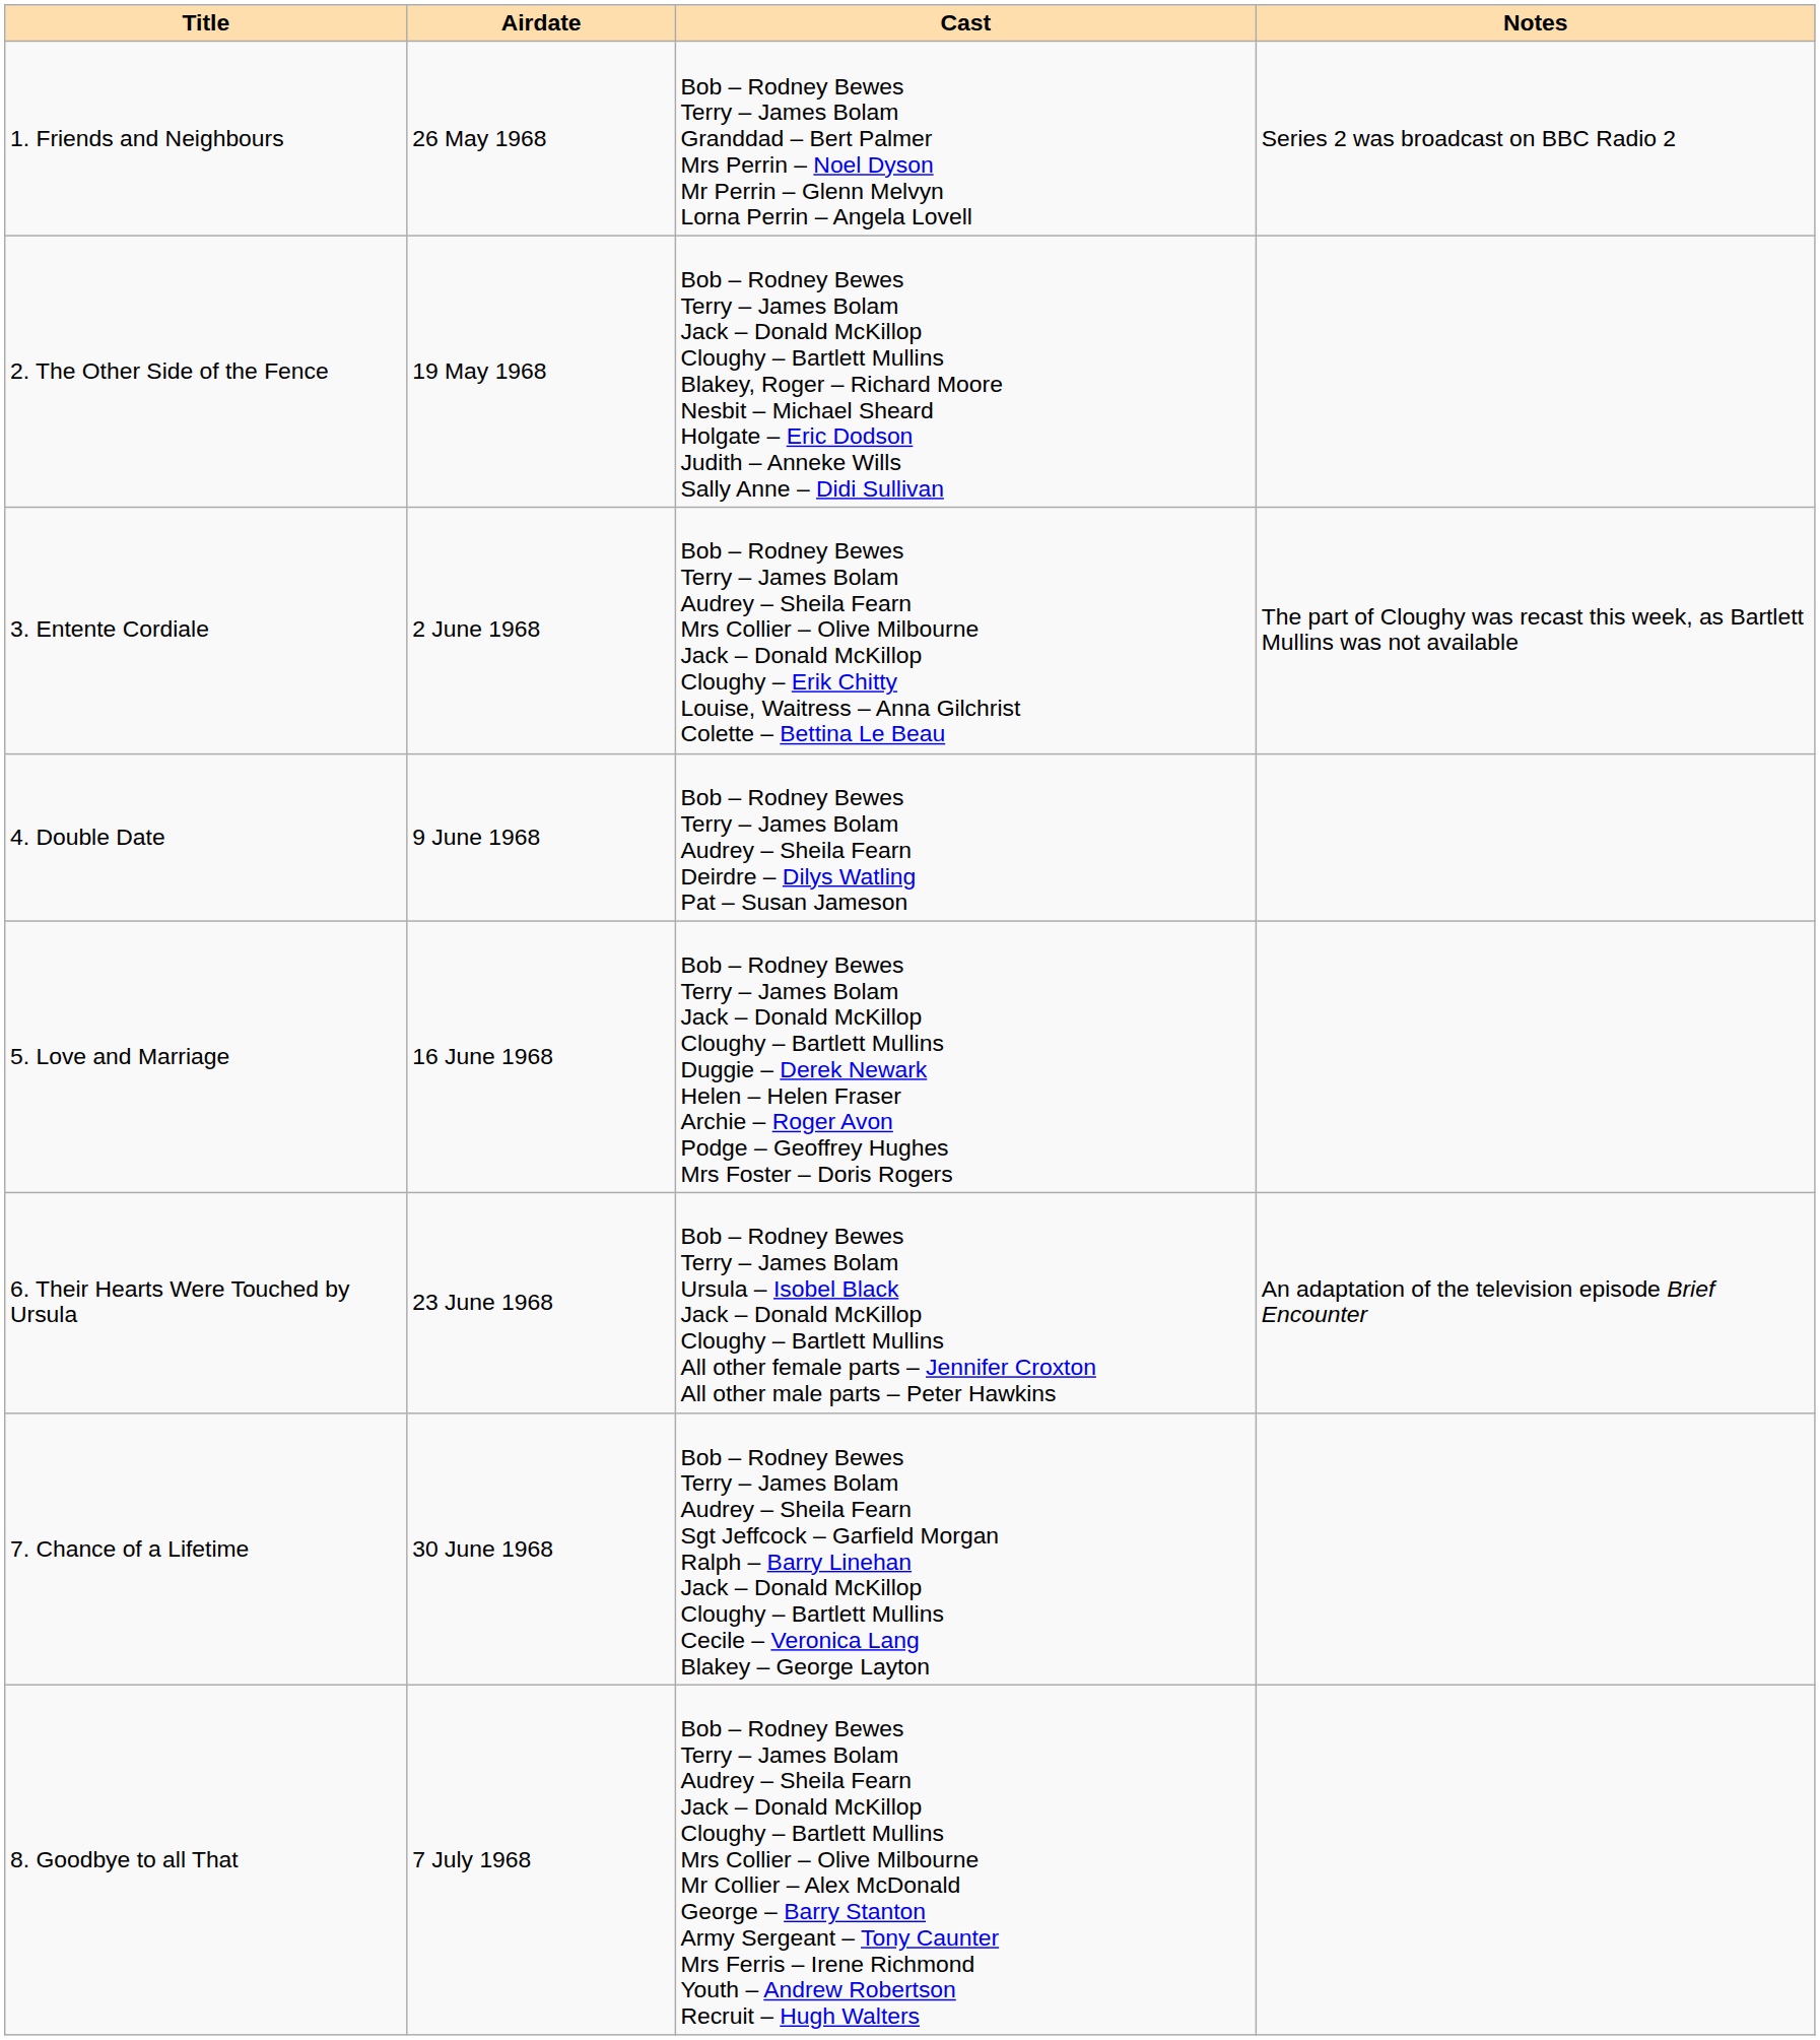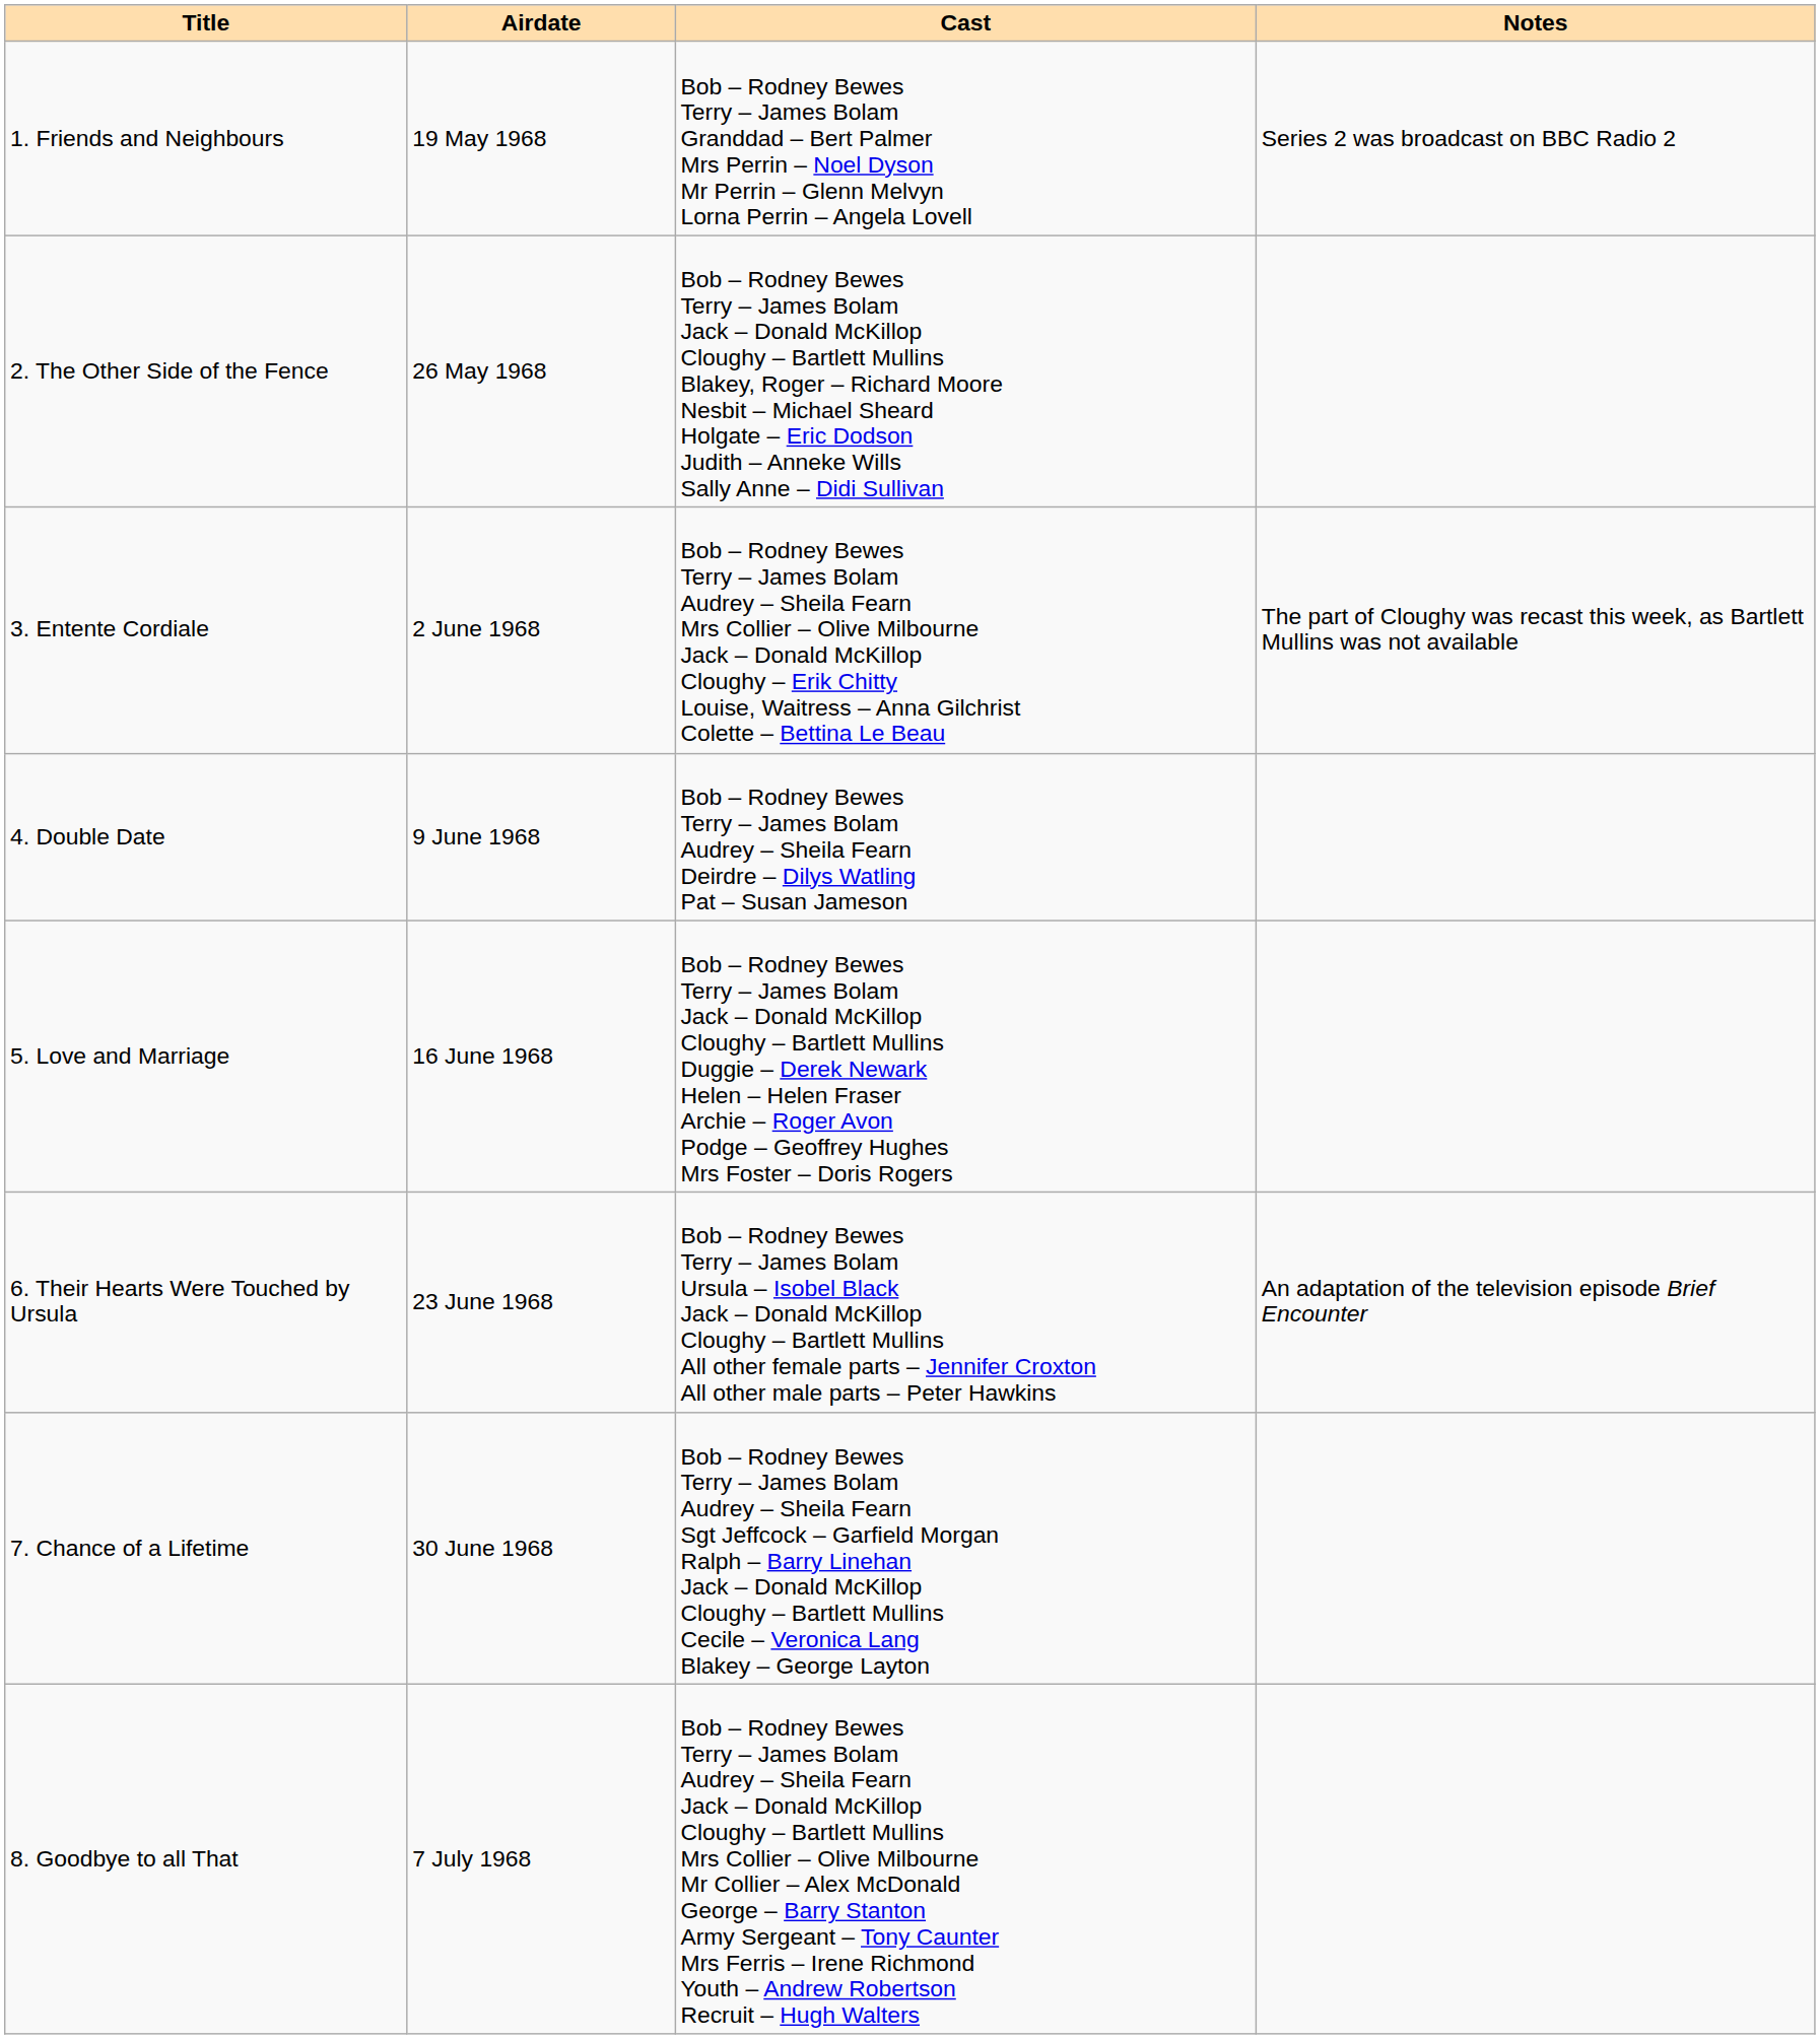 <table class="wikitable" border=1>
 <tr>
 <th style="background:#ffdead" width=18%>Title</th>
 <th style="background:#ffdead" width=12%>Airdate</th>
 <th style="background:#ffdead" width=26%>Cast</th>
 <th style="background:#ffdead" width=25%>Notes</th>
 </tr>
 <tr>
 <td>1. Friends and Neighbours</td>
-<td>26 May 1968</td>
+<td>19 May 1968</td>
 <td><br>Bob – Rodney Bewes<br> Terry – James Bolam<br> Granddad – Bert Palmer<br> Mrs Perrin – <a href='#'>Noel Dyson</a><br> Mr Perrin – Glenn Melvyn<br> Lorna Perrin – Angela Lovell</td>
 <td>Series 2 was broadcast on BBC Radio 2<br></td>
 </tr>
 <tr>
 <td>2. The Other Side of the Fence</td>
-<td>19 May 1968</td>
+<td>26 May 1968</td>
 <td><br>Bob – Rodney Bewes<br> Terry – James Bolam<br> Jack – Donald McKillop<br> Cloughy – Bartlett Mullins<br> Blakey, Roger – Richard Moore<br> Nesbit – Michael Sheard<br> Holgate – <a href='#'>Eric Dodson</a><br> Judith – Anneke Wills<br> Sally Anne – <a href='#'>Didi Sullivan</a></td>
 <td></td>
 </tr>
 <tr>
 <td>3. Entente Cordiale</td>
 <td>2 June 1968</td>
 <td><br>Bob – Rodney Bewes<br> Terry – James Bolam<br> Audrey – Sheila Fearn<br> Mrs Collier – Olive Milbourne<br> Jack – Donald McKillop<br> Cloughy – <a href='#'>Erik Chitty</a><br> Louise, Waitress – Anna Gilchrist<br> Colette – <a href='#'>Bettina Le Beau</a></td>
 <td>The part of Cloughy was recast this week, as Bartlett Mullins was not available</td>
 </tr>
 <tr>
 <td>4. Double Date</td>
 <td>9 June 1968</td>
 <td><br>Bob – Rodney Bewes<br> Terry – James Bolam<br> Audrey – Sheila Fearn<br> Deirdre – <a href='#'>Dilys Watling</a><br> Pat – Susan Jameson</td>
 <td></td>
 </tr>
 <tr>
 <td>5. Love and Marriage</td>
 <td>16 June 1968</td>
 <td><br>Bob – Rodney Bewes<br> Terry – James Bolam<br> Jack – Donald McKillop<br> Cloughy – Bartlett Mullins<br> Duggie – <a href='#'>Derek Newark</a><br> Helen – Helen Fraser<br> Archie – <a href='#'>Roger Avon</a><br> Podge – Geoffrey Hughes<br> Mrs Foster – Doris Rogers</td>
 <td></td>
 </tr>
 <tr>
 <td>6. Their Hearts Were Touched by Ursula</td>
 <td>23 June 1968</td>
 <td><br>Bob – Rodney Bewes<br> Terry – James Bolam<br> Ursula – <a href='#'>Isobel Black</a><br> Jack – Donald McKillop<br> Cloughy – Bartlett Mullins<br> All other female parts – <a href='#'>Jennifer Croxton</a><br> All other male parts – Peter Hawkins</td>
 <td>An adaptation of the television episode <em>Brief Encounter</em></td>
 </tr>
 <tr>
 <td>7. Chance of a Lifetime</td>
 <td>30 June 1968</td>
 <td><br>Bob – Rodney Bewes<br> Terry – James Bolam<br> Audrey – Sheila Fearn<br> Sgt Jeffcock – Garfield Morgan<br> Ralph – <a href='#'>Barry Linehan</a><br> Jack – Donald McKillop<br> Cloughy – Bartlett Mullins<br> Cecile – <a href='#'>Veronica Lang</a><br> Blakey – George Layton</td>
 <td></td>
 </tr>
 <tr>
 <td>8. Goodbye to all That</td>
 <td>7 July 1968</td>
 <td><br>Bob – Rodney Bewes<br> Terry – James Bolam<br> Audrey – Sheila Fearn<br> Jack – Donald McKillop<br> Cloughy – Bartlett Mullins<br> Mrs Collier – Olive Milbourne<br> Mr Collier – Alex McDonald<br> George – <a href='#'>Barry Stanton</a><br> Army Sergeant – <a href='#'>Tony Caunter</a><br> Mrs Ferris – Irene Richmond<br> Youth – <a href='#'>Andrew Robertson</a><br> Recruit – <a href='#'>Hugh Walters</a></td>
 <td></td>
 </tr>
 </table>
